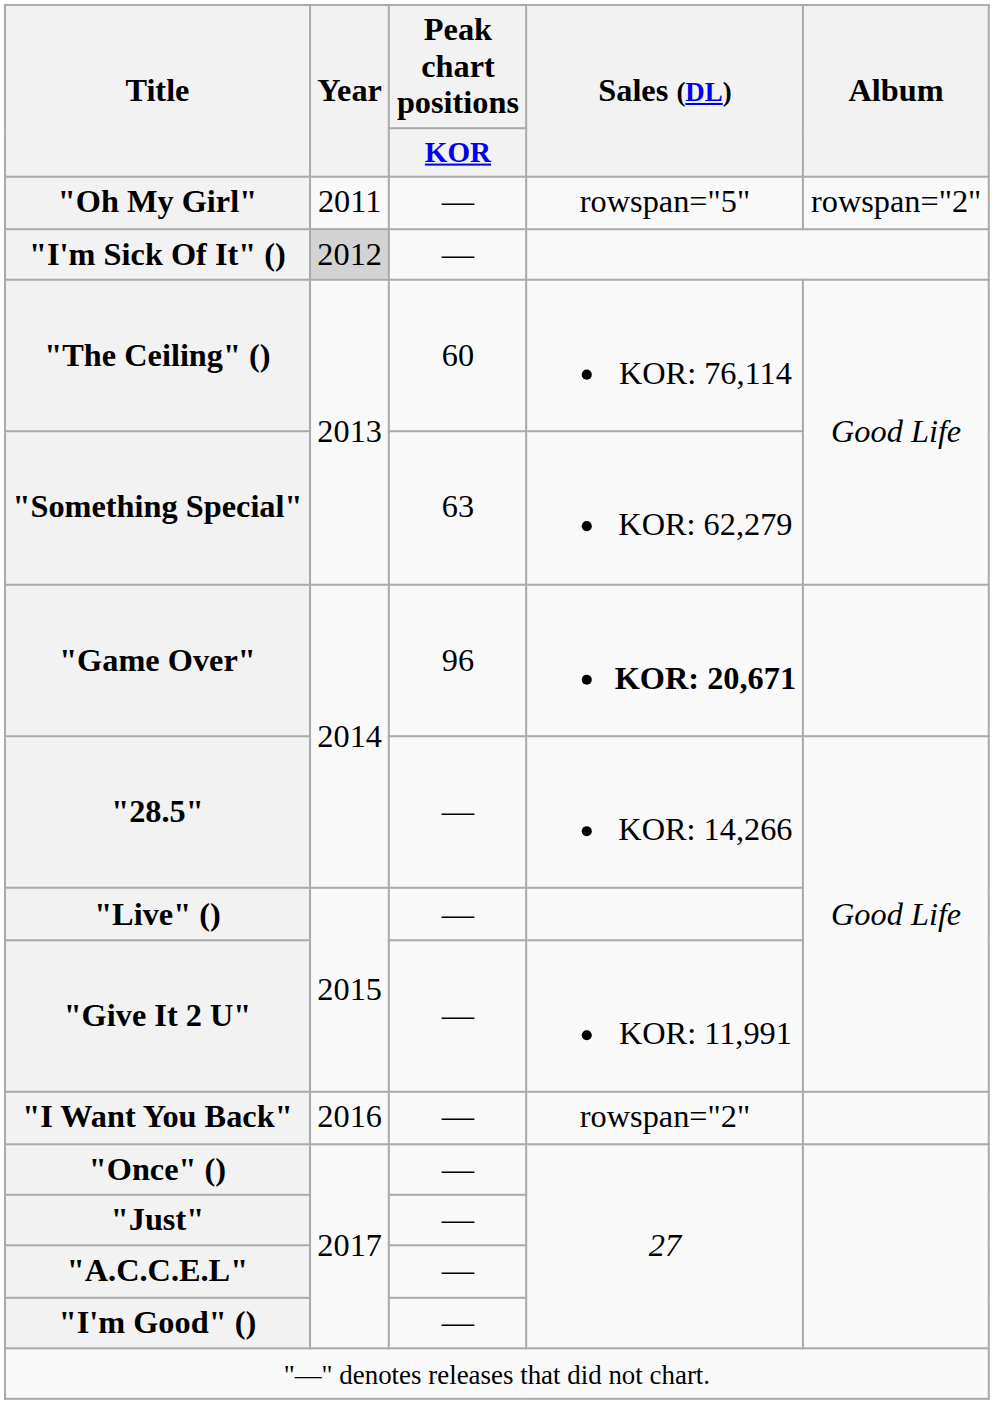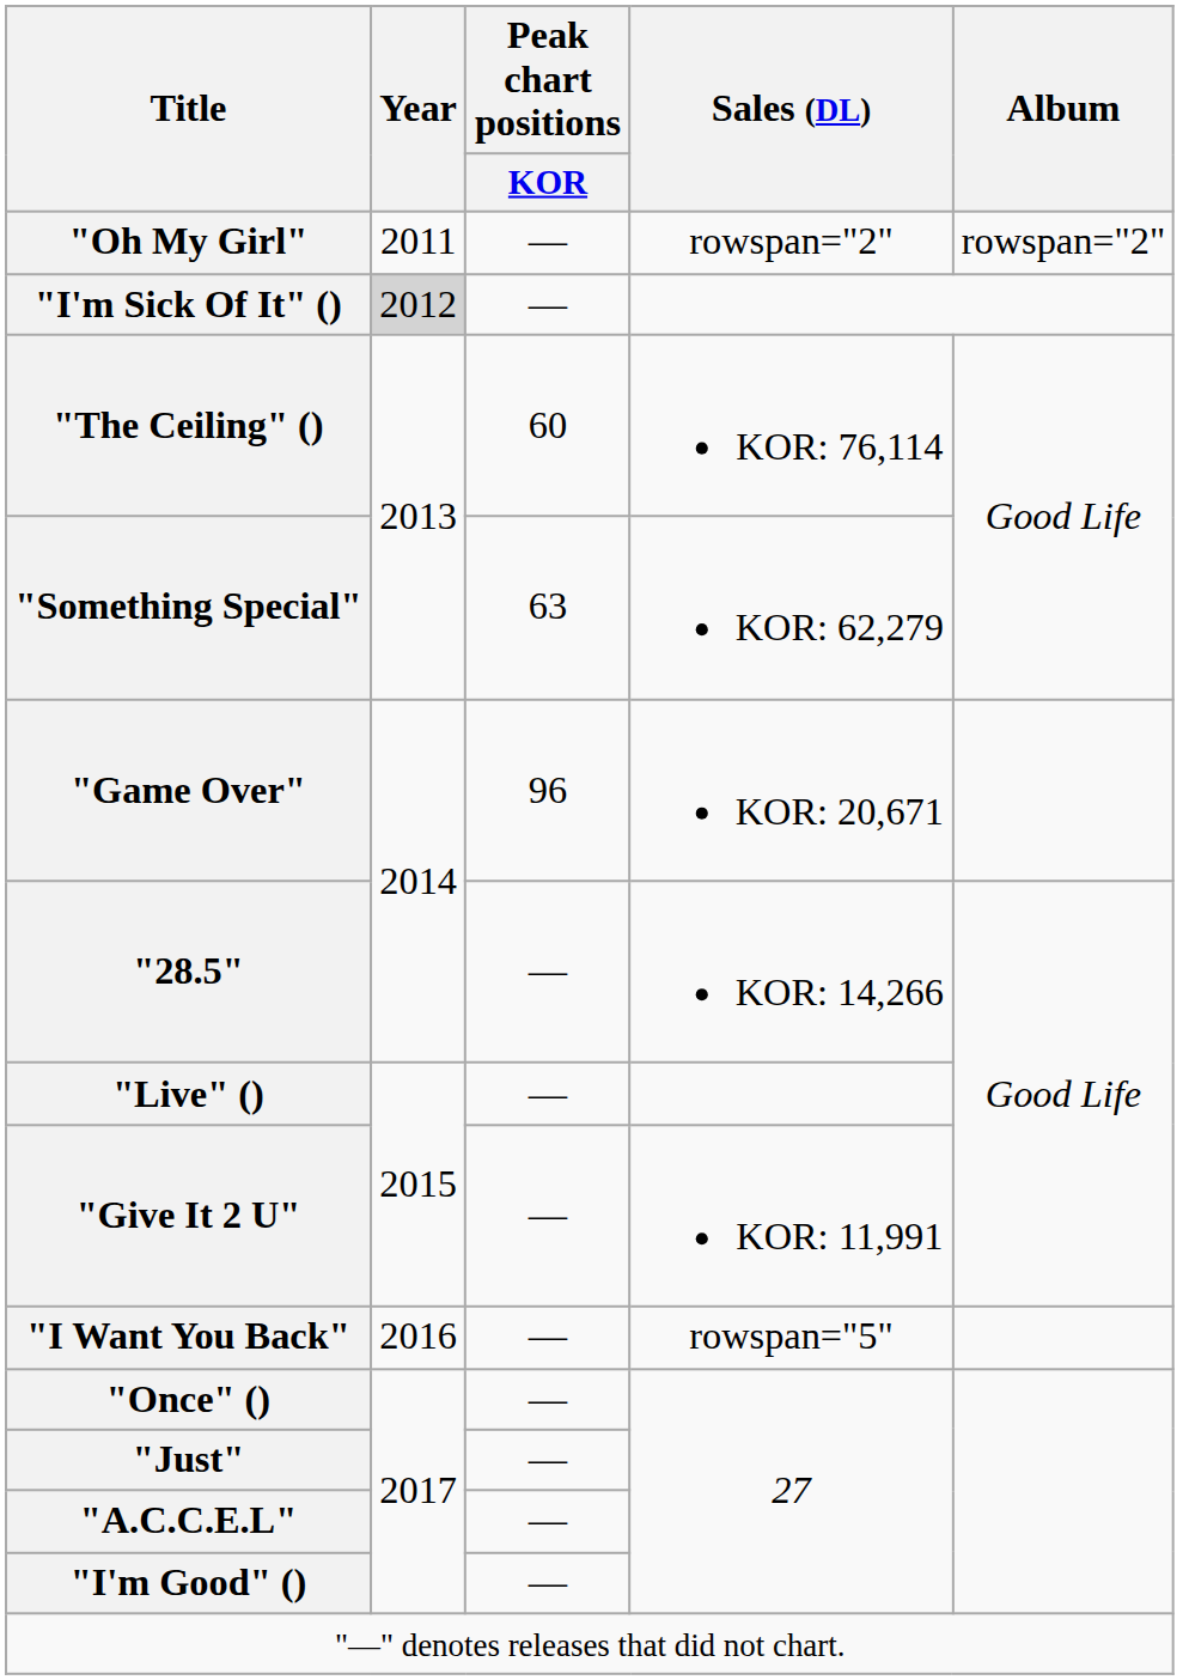 <table class="wikitable plainrowheaders" style="text-align:center;">
 <tr>
 <th scope="col" rowspan="2">Title</th>
 <th scope="col" rowspan="2">Year</th>
 <th scope="col" colspan="1">Peak chart <br> positions</th>
 <th scope="col" rowspan="2">Sales <small>(<a href='#'>DL</a>)</small></th>
 <th scope="col" rowspan="2">Album</th>
 </tr>
 <tr>
 <th scope="col" style="width:3.5em;font-size:90%;"><a href='#'>KOR</a><br></th>
 </tr>
 <tr>
 <th scope="row">"Oh My Girl"<br></th>
 <td>2011</td>
 <td>—</td>
-<td>rowspan="5" </td>
+<td>rowspan="2" </td>
 <td>rowspan="2" </td>
 </tr>
 <tr>
 <th scope="row">"I'm Sick Of It" ()<br></th>
 <td style="background: lightgrey;">2012</td>
 <td>—</td>
 </tr>
 <tr>
 <th scope="row">"The Ceiling" ()<br></th>
 <td rowspan="2">2013</td>
 <td>60</td>
 <td><br><ul><li>KOR: 76,114</li></ul></td>
 <td rowspan="2"><em>Good Life</em></td>
 </tr>
 <tr>
 <th scope="row">"Something Special"<br></th>
 <td>63</td>
 <td><br><ul><li>KOR: 62,279</li></ul></td>
 </tr>
 <tr>
 <th scope="row">"Game Over"</th>
 <td rowspan="2">2014</td>
 <td>96</td>
-<td><strong><br><ul><li>KOR: 20,671</li></ul></strong></td>
+<td><br><ul><li>KOR: 20,671</li></ul></td>
 <td></td>
 </tr>
 <tr>
 <th scope="row">"28.5"<br></th>
 <td>—</td>
 <td><br><ul><li>KOR: 14,266</li></ul></td>
 <td rowspan="3"><em>Good Life</em></td>
 </tr>
 <tr>
 <th scope="row">"Live" ()</th>
 <td rowspan="2">2015</td>
 <td>—</td>
 <td></td>
 </tr>
 <tr>
 <th scope="row">"Give It 2 U"<br></th>
 <td>—</td>
 <td><br><ul><li>KOR: 11,991</li></ul></td>
 </tr>
 <tr>
 <th scope="row">"I Want You Back"</th>
 <td>2016</td>
 <td>—</td>
-<td>rowspan="2" </td>
+<td>rowspan="5" </td>
 <td></td>
 </tr>
 <tr>
 <th scope="row">"Once" ()<br></th>
 <td rowspan="4">2017</td>
 <td>—</td>
 <td rowspan="4"><em>27</em></td>
 </tr>
 <tr>
 <th scope="row">"Just"</th>
 <td>—</td>
 </tr>
 <tr>
 <th scope="row">"A.C.C.E.L"</th>
 <td>—</td>
 </tr>
 <tr>
 <th scope="row">"I'm Good" ()<br></th>
 <td>—</td>
 </tr>
 <tr>
 <td colspan="6" align="center"><small>"—" denotes releases that did not chart.</small></td>
 </tr>
 </table>
